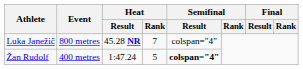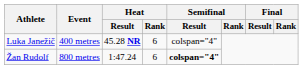 <table class="wikitable" style="font-size:90%">
 <tr>
 <th rowspan="2">Athlete</th>
 <th rowspan="2">Event</th>
 <th colspan="2">Heat</th>
 <th colspan="2">Semifinal</th>
 <th colspan="2">Final</th>
 </tr>
 <tr style="font-size:95%">
 <th>Result</th>
 <th>Rank</th>
 <th>Result</th>
 <th>Rank</th>
 <th>Result</th>
 <th>Rank</th>
 </tr>
 <tr style=text-align:center>
 <td style=text-align:left><a href='#'>Luka Janežič</a></td>
-<td style=text-align:left><a href='#'>800 metres</a></td>
+<td style=text-align:left><a href='#'>400 metres</a></td>
 <td>45.28 <strong><a href='#'>NR</a></strong></td>
-<td>7</td>
+<td>6</td>
 <td>colspan="4" </td>
 </tr>
 <tr style=text-align:center>
 <td style=text-align:left><a href='#'>Žan Rudolf</a></td>
-<td style=text-align:left><a href='#'>400 metres</a></td>
+<td style=text-align:left><a href='#'>800 metres</a></td>
 <td>1:47.24</td>
-<td>5</td>
+<td>6</td>
 <td><strong>colspan="4" </strong></td>
 </tr>
 </table>
